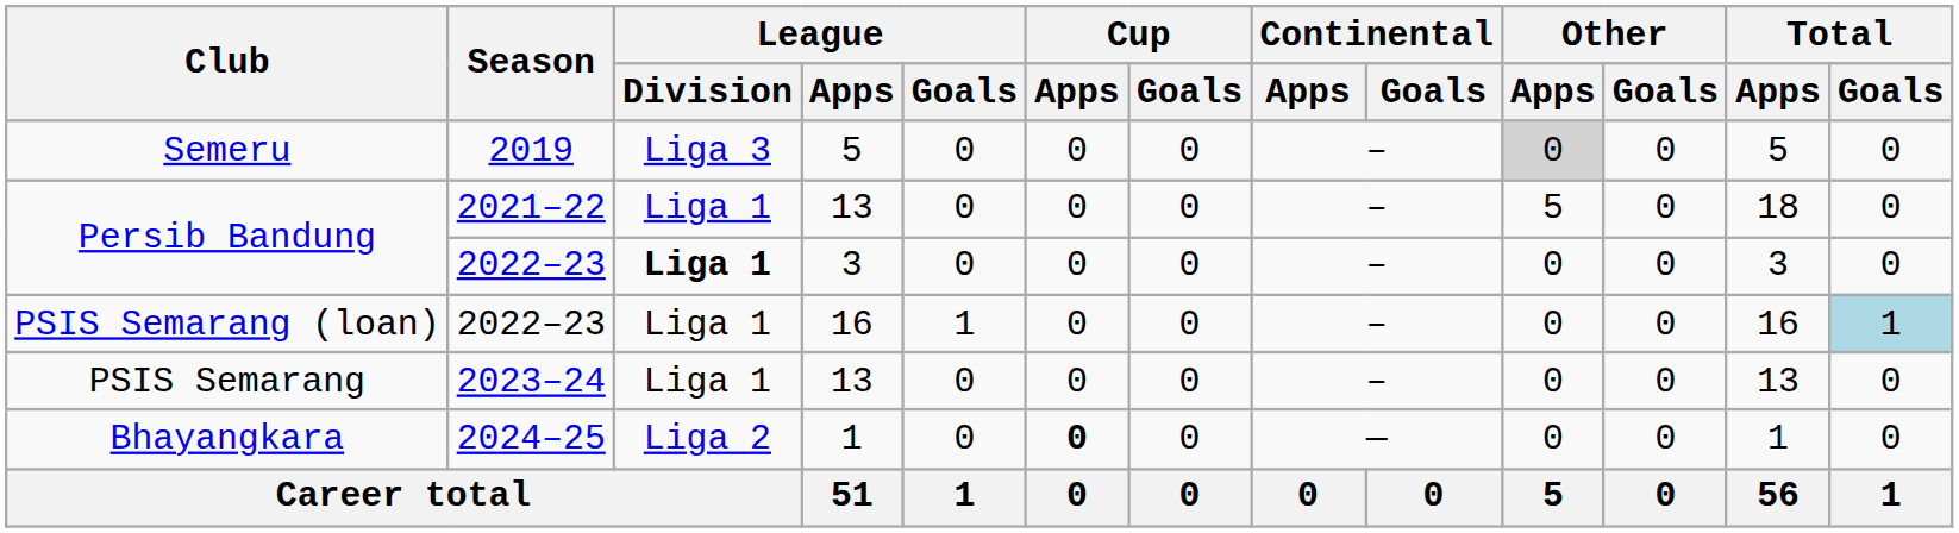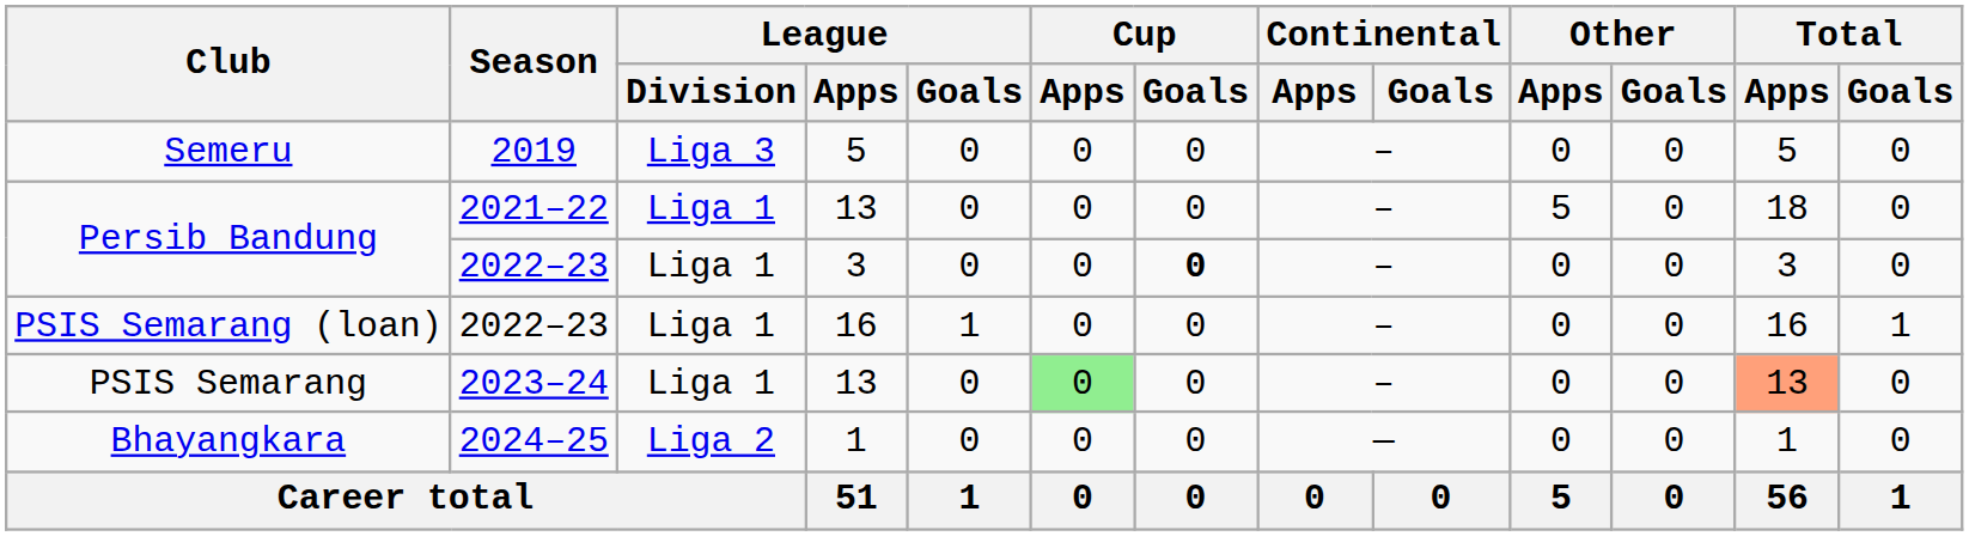 <table class="wikitable" style="text-align: center">
 <tr>
 <th rowspan="2">Club</th>
 <th rowspan="2">Season</th>
 <th colspan="3">League</th>
 <th colspan="2">Cup</th>
 <th colspan="2">Continental</th>
 <th colspan="2">Other</th>
 <th colspan="2">Total</th>
 </tr>
 <tr>
 <th>Division</th>
 <th>Apps</th>
 <th>Goals</th>
 <th>Apps</th>
 <th>Goals</th>
 <th>Apps</th>
 <th>Goals</th>
 <th>Apps</th>
 <th>Goals</th>
 <th>Apps</th>
 <th>Goals</th>
 </tr>
 <tr>
 <td rowspan="1"><a href='#'>Semeru</a></td>
 <td><a href='#'>2019</a></td>
 <td rowspan="1" valign="center"><a href='#'>Liga 3</a></td>
 <td>5</td>
 <td>0</td>
 <td>0</td>
 <td>0</td>
 <td colspan="2">–</td>
-<td style="background: lightgrey;">0</td>
+<td>0</td>
 <td>0</td>
 <td>5</td>
 <td>0</td>
 </tr>
 <tr>
 <td rowspan="2"><a href='#'>Persib Bandung</a></td>
 <td><a href='#'>2021–22</a></td>
 <td rowspan="1" valign="center"><a href='#'>Liga 1</a></td>
 <td>13</td>
 <td>0</td>
 <td>0</td>
 <td>0</td>
 <td colspan="2">–</td>
 <td>5</td>
 <td>0</td>
 <td>18</td>
 <td>0</td>
 </tr>
 <tr>
 <td><a href='#'>2022–23</a></td>
-<td rowspan="1" valign="center"><strong>Liga 1</strong></td>
+<td rowspan="1" valign="center">Liga 1</td>
 <td>3</td>
 <td>0</td>
 <td>0</td>
-<td>0</td>
+<td><strong>0</strong></td>
 <td colspan=2>–</td>
 <td>0</td>
 <td>0</td>
 <td>3</td>
 <td>0</td>
 </tr>
 <tr>
 <td><a href='#'>PSIS Semarang</a> (loan)</td>
 <td>2022–23</td>
 <td>Liga 1</td>
 <td>16</td>
 <td>1</td>
 <td>0</td>
 <td>0</td>
 <td colspan="2">–</td>
 <td>0</td>
 <td>0</td>
 <td>16</td>
-<td style="background: lightblue;">1</td>
+<td>1</td>
 </tr>
 <tr>
 <td>PSIS Semarang</td>
 <td><a href='#'>2023–24</a></td>
 <td>Liga 1</td>
 <td>13</td>
 <td>0</td>
-<td>0</td>
+<td style="background: lightgreen;">0</td>
 <td>0</td>
 <td colspan="2">–</td>
 <td>0</td>
 <td>0</td>
-<td>13</td>
+<td style="background: lightsalmon;">13</td>
 <td>0</td>
 </tr>
 <tr>
 <td><a href='#'>Bhayangkara</a></td>
 <td><a href='#'>2024–25</a></td>
 <td valign="center"><a href='#'>Liga 2</a></td>
 <td>1</td>
 <td>0</td>
-<td><strong>0</strong></td>
+<td>0</td>
 <td>0</td>
 <td colspan=2>—</td>
 <td>0</td>
 <td>0</td>
 <td>1</td>
 <td>0</td>
 </tr>
 <tr>
 <th colspan=3>Career total</th>
 <th>51</th>
 <th>1</th>
 <th>0</th>
 <th>0</th>
 <th>0</th>
 <th>0</th>
 <th>5</th>
 <th>0</th>
 <th>56</th>
 <th>1</th>
 </tr>
 </table>
